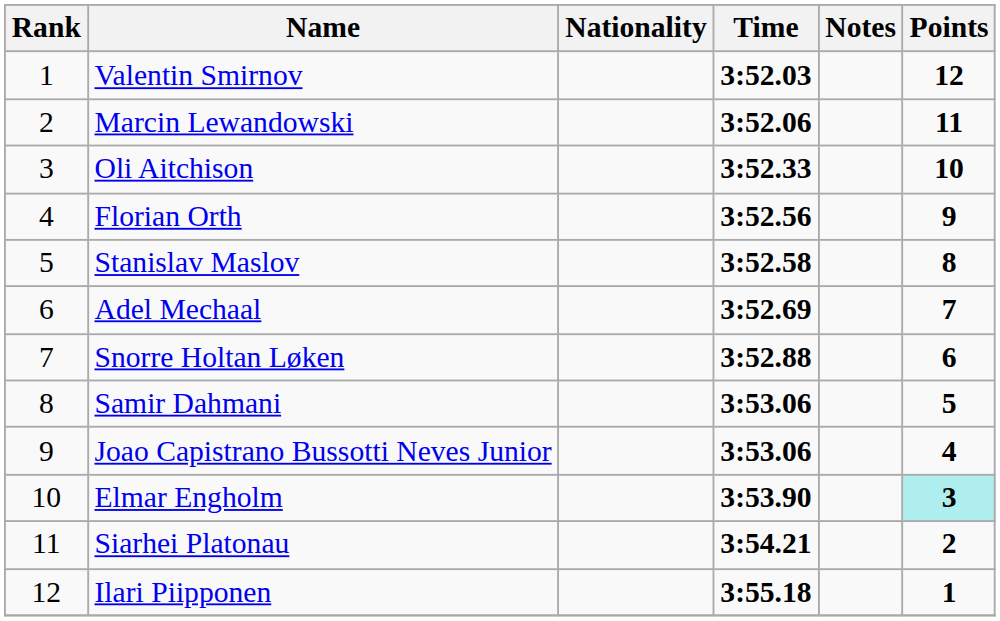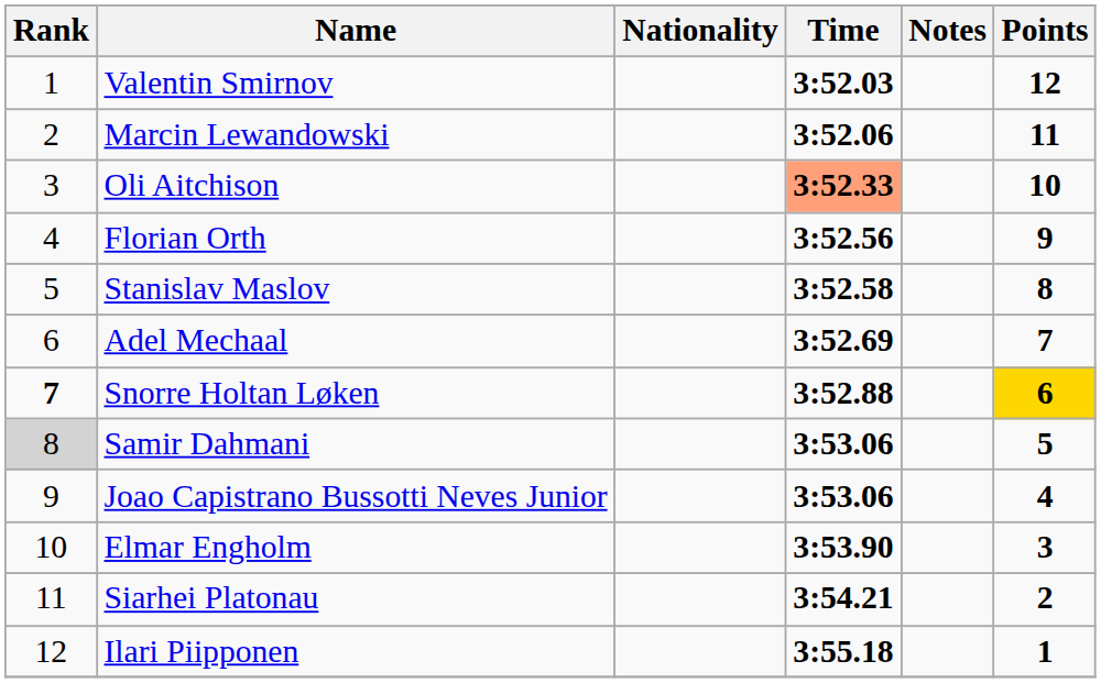 <table class="wikitable sortable" style="text-align:center">
 <tr>
 <th>Rank</th>
 <th>Name</th>
 <th>Nationality</th>
 <th>Time</th>
 <th>Notes</th>
 <th>Points</th>
 </tr>
 <tr>
 <td>1</td>
 <td align=left><a href='#'>Valentin Smirnov</a></td>
 <td align=left></td>
 <td><strong>3:52.03</strong></td>
 <td></td>
 <td><strong>12</strong></td>
 </tr>
 <tr>
 <td>2</td>
 <td align=left><a href='#'>Marcin Lewandowski</a></td>
 <td align=left></td>
 <td><strong>3:52.06</strong></td>
 <td></td>
 <td><strong>11</strong></td>
 </tr>
 <tr>
 <td>3</td>
 <td align=left><a href='#'>Oli Aitchison</a></td>
 <td align=left></td>
-<td><strong>3:52.33</strong></td>
+<td style="background: lightsalmon;"><strong>3:52.33</strong></td>
 <td></td>
 <td><strong>10</strong></td>
 </tr>
 <tr>
 <td>4</td>
 <td align=left><a href='#'>Florian Orth</a></td>
 <td align=left></td>
 <td><strong>3:52.56</strong></td>
 <td></td>
 <td><strong>9</strong></td>
 </tr>
 <tr>
 <td>5</td>
 <td align=left><a href='#'>Stanislav Maslov</a></td>
 <td align=left></td>
 <td><strong>3:52.58</strong></td>
 <td></td>
 <td><strong>8</strong></td>
 </tr>
 <tr>
 <td>6</td>
 <td align=left><a href='#'>Adel Mechaal</a></td>
 <td align=left></td>
 <td><strong>3:52.69</strong></td>
 <td></td>
 <td><strong>7</strong></td>
 </tr>
 <tr>
-<td>7</td>
+<td><strong>7</strong></td>
 <td align=left><a href='#'>Snorre Holtan Løken</a></td>
 <td align=left></td>
 <td><strong>3:52.88</strong></td>
 <td></td>
-<td><strong>6</strong></td>
+<td style="background: gold;"><strong>6</strong></td>
 </tr>
 <tr>
-<td>8</td>
+<td style="background: lightgrey;">8</td>
 <td align=left><a href='#'>Samir Dahmani</a></td>
 <td align=left></td>
 <td><strong>3:53.06</strong></td>
 <td></td>
 <td><strong>5</strong></td>
 </tr>
 <tr>
 <td>9</td>
 <td align=left><a href='#'>Joao Capistrano Bussotti Neves Junior</a></td>
 <td align=left></td>
 <td><strong>3:53.06</strong></td>
 <td></td>
 <td><strong>4</strong></td>
 </tr>
 <tr>
 <td>10</td>
 <td align=left><a href='#'>Elmar Engholm</a></td>
 <td align=left></td>
 <td><strong>3:53.90</strong></td>
 <td></td>
-<td style="background: paleturquoise;"><strong>3</strong></td>
+<td><strong>3</strong></td>
 </tr>
 <tr>
 <td>11</td>
 <td align=left><a href='#'>Siarhei Platonau</a></td>
 <td align=left></td>
 <td><strong>3:54.21</strong></td>
 <td></td>
 <td><strong>2</strong></td>
 </tr>
 <tr>
 <td>12</td>
 <td align=left><a href='#'>Ilari Piipponen</a></td>
 <td align=left></td>
 <td><strong>3:55.18</strong></td>
 <td></td>
 <td><strong>1</strong></td>
 </tr>
 <tr>
 </tr>
 </table>
